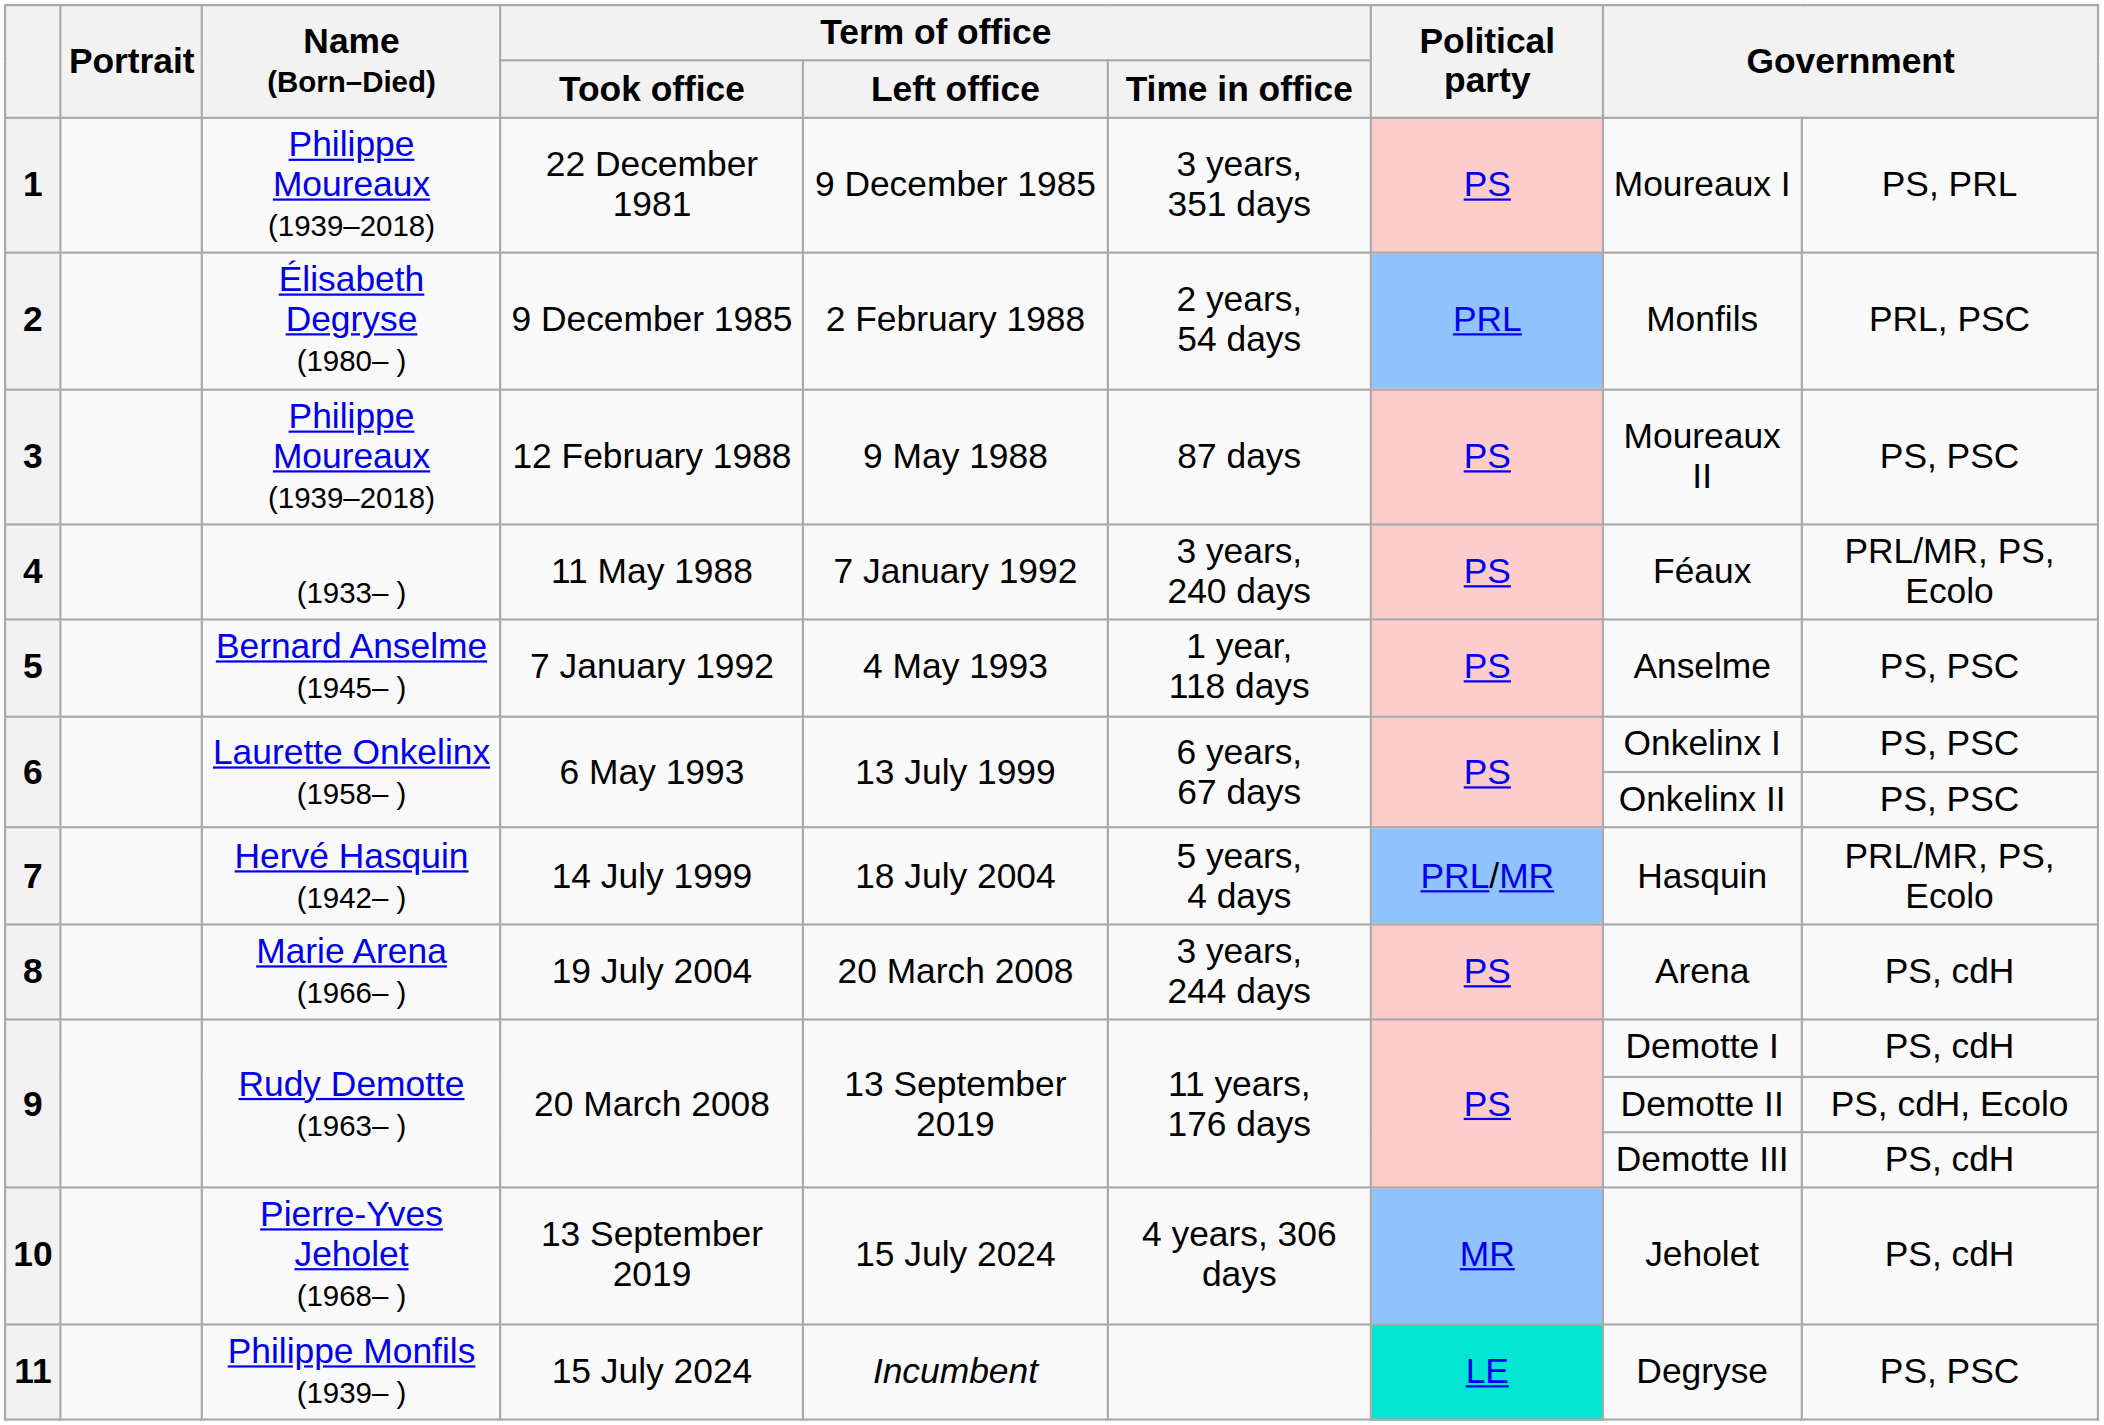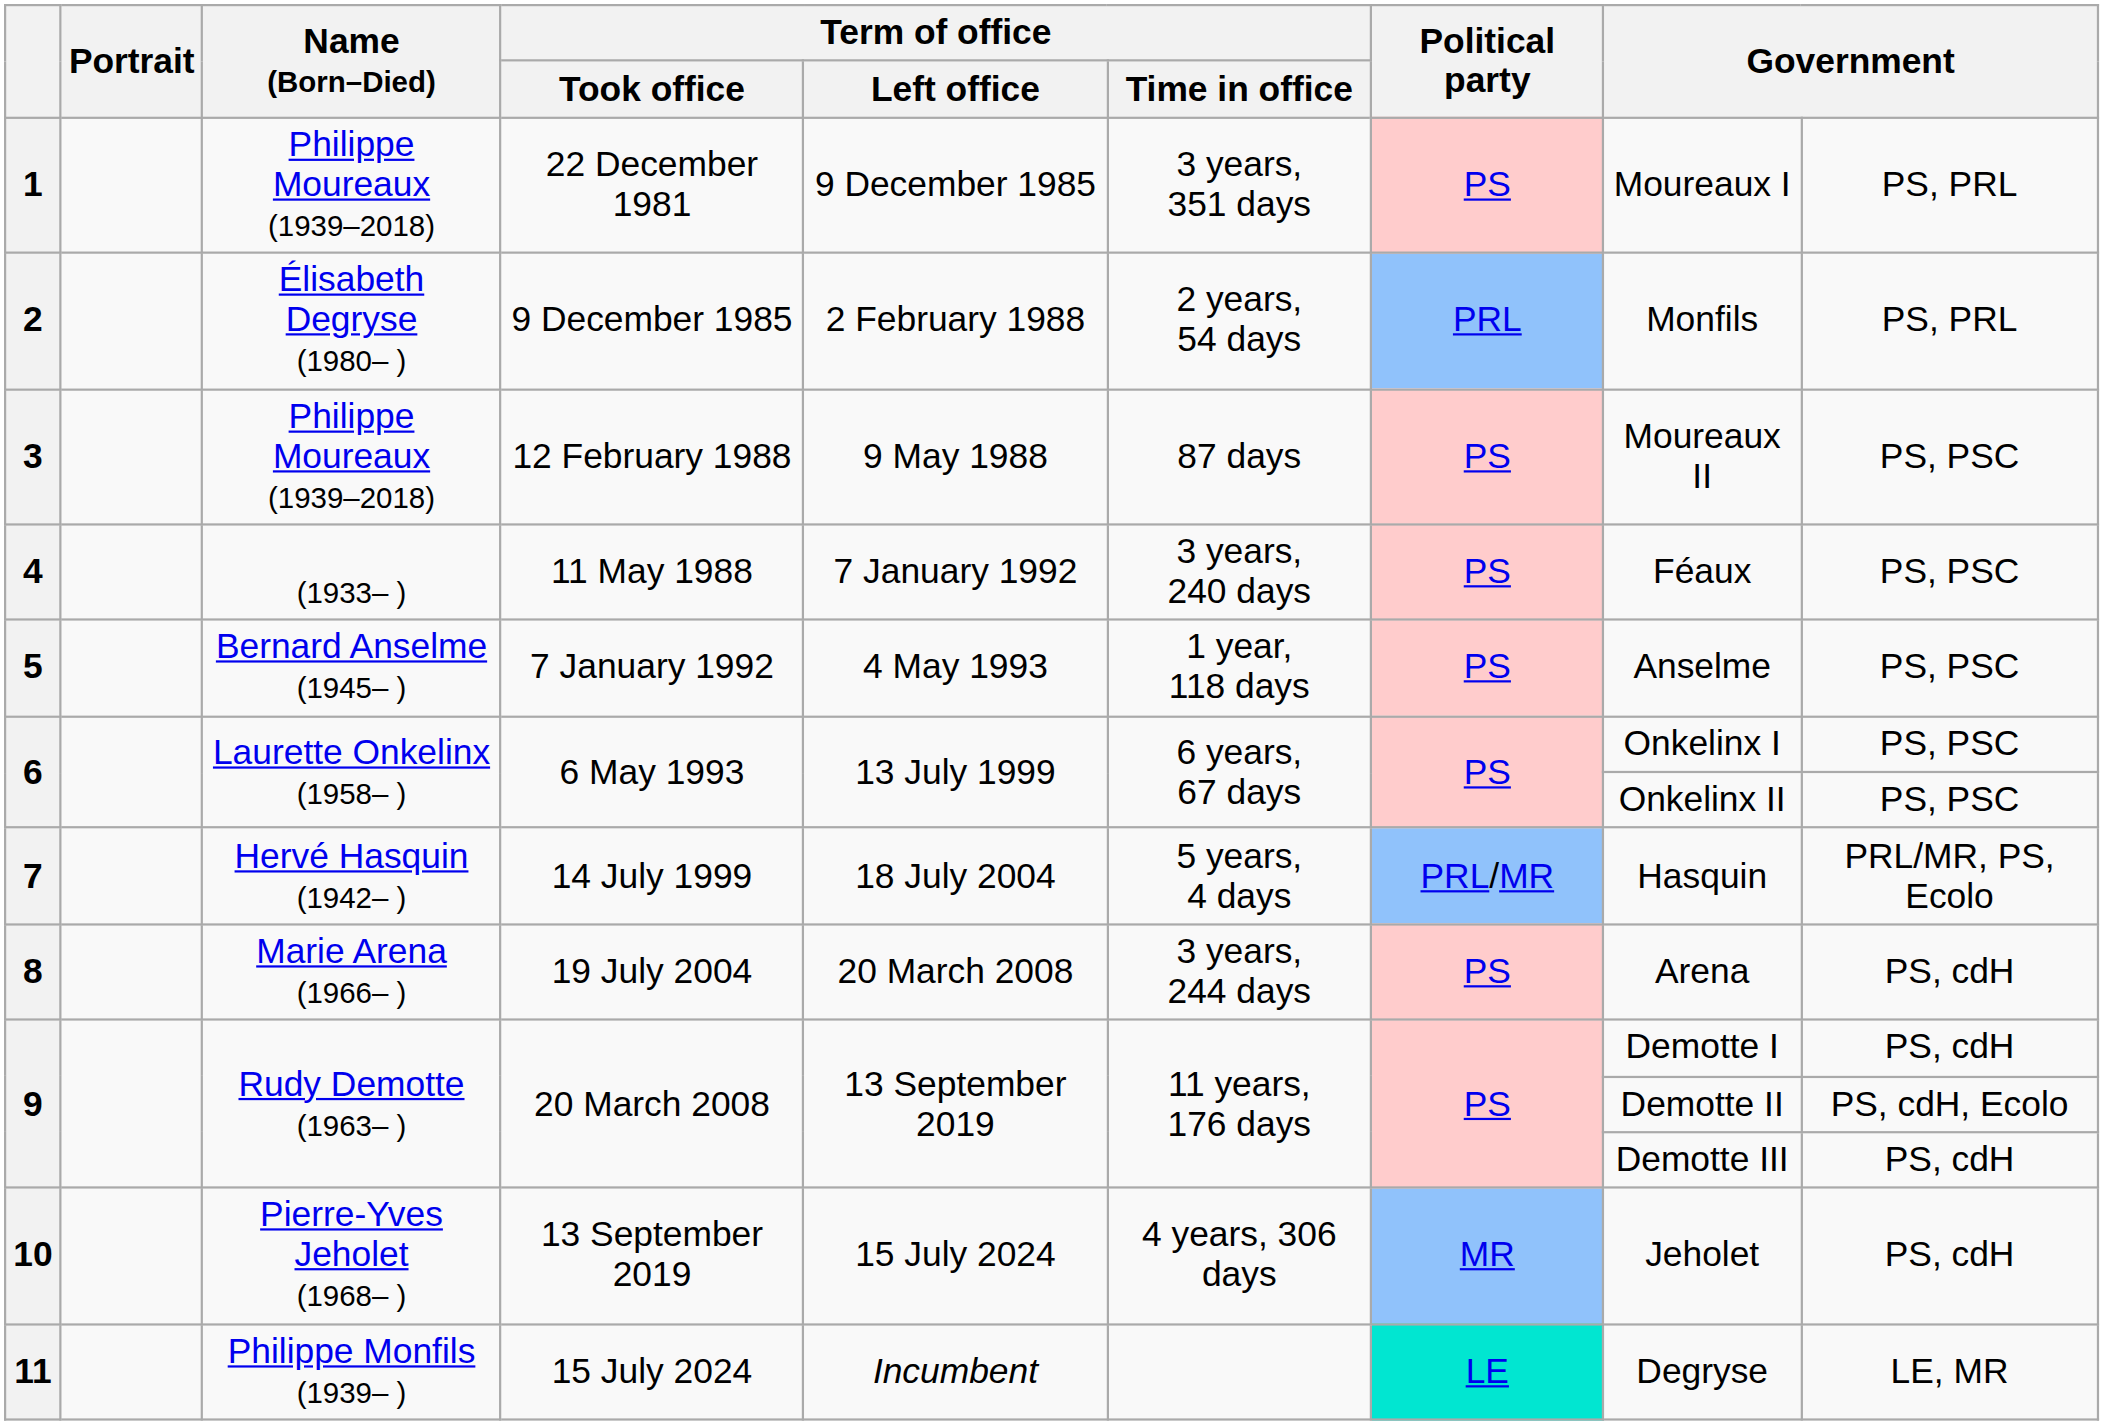 <table width=75% class="wikitable" style="text-align:center;">
 <tr>
 <th rowspan="2"></th>
 <th rowspan="2">Portrait</th>
 <th rowspan="2">Name<br><small>(Born–Died)</small></th>
 <th colspan="3">Term of office</th>
 <th rowspan="2">Political party</th>
 <th colspan="2" rowspan="2">Government</th>
 </tr>
 <tr>
 <th>Took office</th>
 <th>Left office</th>
 <th>Time in office</th>
 </tr>
 <tr>
 <th style="background:">1</th>
 <td></td>
 <td><a href='#'>Philippe Moureaux</a><br><small>(1939–2018)</small></td>
 <td>22 December 1981</td>
 <td>9 December 1985</td>
 <td>3 years,<br>351 days</td>
 <td bgcolor="#FFCCCC"><a href='#'>PS</a></td>
 <td>Moureaux I</td>
 <td>PS, PRL</td>
 </tr>
 <tr>
 <th style="background:">2</th>
 <td></td>
 <td><a href='#'>Élisabeth Degryse</a><br><small>(1980– )</small></td>
 <td>9 December 1985</td>
 <td>2 February 1988</td>
 <td>2 years,<br>54 days</td>
 <td bgcolor="#90C2FB"><a href='#'>PRL</a></td>
 <td>Monfils</td>
-<td>PRL, PSC</td>
+<td>PS, PRL</td>
 </tr>
 <tr>
 <th style="background:">3</th>
 <td></td>
 <td><a href='#'>Philippe Moureaux</a><br><small>(1939–2018)</small></td>
 <td>12 February 1988</td>
 <td>9 May 1988</td>
 <td>87 days</td>
 <td bgcolor="#FFCCCC"><a href='#'>PS</a></td>
 <td>Moureaux II</td>
 <td>PS, PSC</td>
 </tr>
 <tr>
 <th style="background:">4</th>
 <td></td>
 <td><br><small>(1933– )</small></td>
 <td>11 May 1988</td>
 <td>7 January 1992</td>
 <td>3 years,<br>240 days</td>
 <td bgcolor="#FFCCCC"><a href='#'>PS</a></td>
 <td>Féaux</td>
-<td>PRL/MR, PS, Ecolo</td>
+<td>PS, PSC</td>
 </tr>
 <tr>
 <th style="background:">5</th>
 <td></td>
 <td><a href='#'>Bernard Anselme</a><br><small>(1945– )</small></td>
 <td>7 January 1992</td>
 <td>4 May 1993</td>
 <td>1 year,<br>118 days</td>
 <td bgcolor="#FFCCCC"><a href='#'>PS</a></td>
 <td>Anselme</td>
 <td>PS, PSC</td>
 </tr>
 <tr>
 <th rowspan="2" style="background:">6</th>
 <td rowspan="2"></td>
 <td rowspan="2"><a href='#'>Laurette Onkelinx</a><br><small>(1958– )</small></td>
 <td rowspan="2">6 May 1993</td>
 <td rowspan="2">13 July 1999</td>
 <td rowspan="2">6 years,<br>67 days</td>
 <td bgcolor="#FFCCCC" rowspan="2"><a href='#'>PS</a></td>
 <td>Onkelinx I</td>
 <td>PS, PSC</td>
 </tr>
 <tr>
 <td>Onkelinx II</td>
 <td>PS, PSC</td>
 </tr>
 <tr>
 <th style="background:">7</th>
 <td></td>
 <td><a href='#'>Hervé Hasquin</a><br><small>(1942– )</small></td>
 <td>14 July 1999</td>
 <td>18 July 2004</td>
 <td>5 years,<br>4 days</td>
 <td bgcolor="#90C2FB"><a href='#'>PRL</a>/<a href='#'>MR</a></td>
 <td>Hasquin</td>
 <td>PRL/MR, PS, Ecolo</td>
 </tr>
 <tr>
 <th style="background:">8</th>
 <td></td>
 <td><a href='#'>Marie Arena</a><br><small>(1966– )</small></td>
 <td>19 July 2004</td>
 <td>20 March 2008</td>
 <td>3 years,<br>244 days</td>
 <td bgcolor="#FFCCCC"><a href='#'>PS</a></td>
 <td>Arena</td>
 <td>PS, cdH</td>
 </tr>
 <tr>
 <th rowspan="3" style="background:">9</th>
 <td rowspan="3"></td>
 <td rowspan="3"><a href='#'>Rudy Demotte</a><br><small>(1963– )</small></td>
 <td rowspan="3">20 March 2008</td>
 <td rowspan="3">13 September 2019</td>
 <td rowspan="3">11 years,<br>176 days</td>
 <td rowspan="3" bgcolor="#FFCCCC"><a href='#'>PS</a></td>
 <td>Demotte I</td>
 <td>PS, cdH</td>
 </tr>
 <tr>
 <td>Demotte II</td>
 <td>PS, cdH, Ecolo</td>
 </tr>
 <tr>
 <td>Demotte III</td>
 <td>PS, cdH</td>
 </tr>
 <tr>
 <th style="background:">10</th>
 <td></td>
 <td><a href='#'>Pierre-Yves Jeholet</a><br><small>(1968– )</small></td>
 <td>13 September 2019</td>
 <td>15 July 2024</td>
 <td>4 years, 306 days</td>
 <td bgcolor="#90C2FB"><a href='#'>MR</a></td>
 <td>Jeholet</td>
 <td>PS, cdH</td>
 </tr>
 <tr>
 <th style="background:">11</th>
 <td></td>
 <td><a href='#'>Philippe Monfils</a><br><small>(1939– )</small></td>
 <td>15 July 2024</td>
 <td><em>Incumbent</em></td>
 <td></td>
 <td bgcolor="#01E6D1"><a href='#'>LE</a></td>
 <td>Degryse</td>
-<td>PS, PSC</td>
+<td>LE, MR</td>
 </tr>
 </table>
